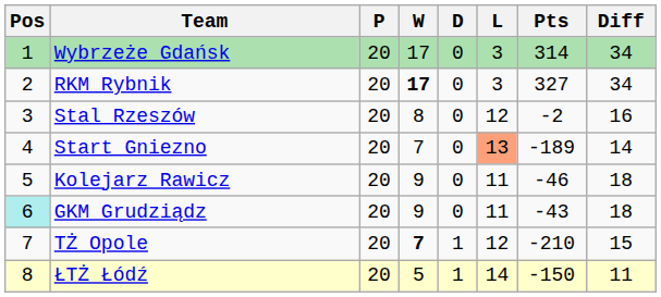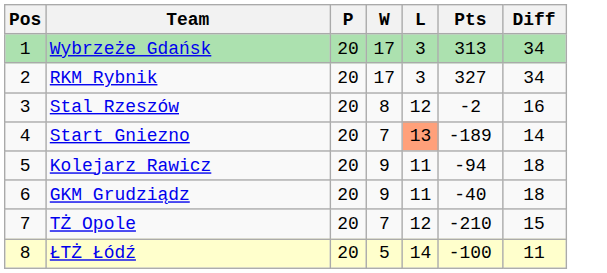 <table class="wikitable" style="font-size: 100%">
 <tr>
 <th width=20>Pos</th>
 <th width=200>Team</th>
 <th width=20>P</th>
 <th width=20>W</th>
-<th width=20>D</th>
 <th width=20>L</th>
 <th width=40>Pts</th>
 <th width=40>Diff</th>
 </tr>
 <tr align=center style="background:#ACE1AF;">
 <td>1</td>
 <td align="left"><a href='#'>Wybrzeże Gdańsk</a></td>
 <td>20</td>
 <td>17</td>
-<td>0</td>
 <td>3</td>
-<td>314</td>
+<td>313</td>
 <td>34</td>
 </tr>
 <tr align=center>
 <td>2</td>
 <td align="left"><a href='#'>RKM Rybnik</a></td>
 <td>20</td>
-<td><strong>17</strong></td>
-<td>0</td>
+<td>17</td>
 <td>3</td>
 <td>327</td>
 <td>34</td>
 </tr>
 <tr align=center>
 <td>3</td>
 <td align="left"><a href='#'>Stal Rzeszów</a></td>
 <td>20</td>
 <td>8</td>
-<td>0</td>
 <td>12</td>
 <td>-2</td>
 <td>16</td>
 </tr>
 <tr align=center>
 <td>4</td>
 <td align="left"><a href='#'>Start Gniezno</a></td>
 <td>20</td>
 <td>7</td>
-<td>0</td>
 <td style="background: lightsalmon;">13</td>
 <td>-189</td>
 <td>14</td>
 </tr>
 <tr align=center>
 <td>5</td>
 <td align="left"><a href='#'>Kolejarz Rawicz</a></td>
 <td>20</td>
 <td>9</td>
-<td>0</td>
 <td>11</td>
-<td>-46</td>
+<td>-94</td>
 <td>18</td>
 </tr>
 <tr align=center>
-<td style="background: paleturquoise;">6</td>
+<td>6</td>
 <td align="left"><a href='#'>GKM Grudziądz</a></td>
 <td>20</td>
 <td>9</td>
-<td>0</td>
 <td>11</td>
-<td>-43</td>
+<td>-40</td>
 <td>18</td>
 </tr>
 <tr align=center>
 <td>7</td>
 <td align="left"><a href='#'>TŻ Opole</a></td>
 <td>20</td>
-<td><strong>7</strong></td>
-<td>1</td>
+<td>7</td>
 <td>12</td>
 <td>-210</td>
 <td>15</td>
 </tr>
 <tr align=center style="background: #ffffcc;">
 <td>8</td>
 <td align="left"><a href='#'>ŁTŻ Łódź</a></td>
 <td>20</td>
 <td>5</td>
-<td>1</td>
 <td>14</td>
-<td>-150</td>
+<td>-100</td>
 <td>11</td>
 </tr>
 </table>
